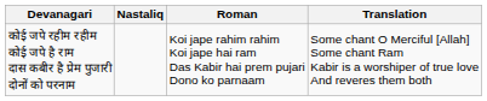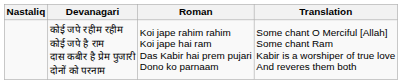 <table class="wikitable">
 <tr>
+<th>Nastaliq</th>
 <th>Devanagari</th>
-<th>Nastaliq</th>
 <th>Roman</th>
 <th>Translation</th>
 </tr>
 <tr>
+<td></td>
 <td>कोई जपे रहीम रहीम<br>कोई जपे है राम<br>दास कबीर है प्रेम पुजारी<br>दोनों को परनाम</td>
-<td></td>
 <td>Koi jape rahim rahim<br>Koi jape hai ram<br>Das Kabir hai prem pujari<br>Dono ko parnaam</td>
 <td>Some chant O Merciful [Allah]<br>Some chant Ram<br>Kabir is a worshiper of true love<br>And reveres them both</td>
 </tr>
 </table>
